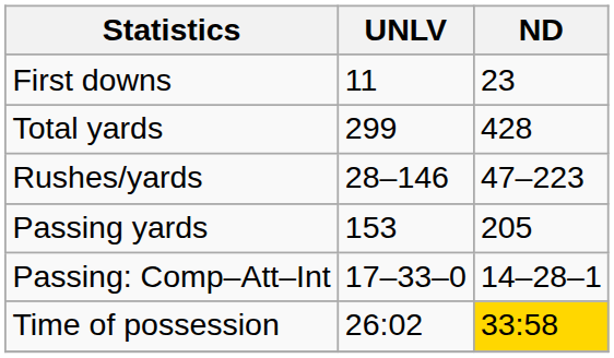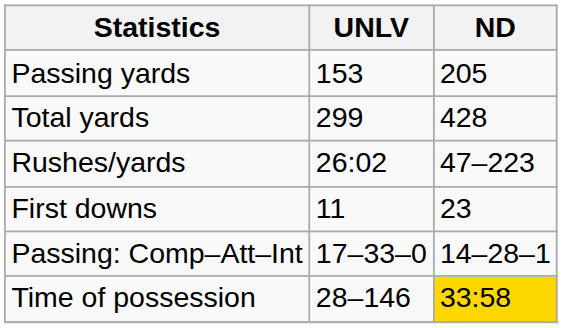 <table class="wikitable" style="float: left;">
 <tr>
 <th>Statistics</th>
 <th>UNLV</th>
 <th>ND</th>
 </tr>
 <tr>
-<td>First downs</td>
-<td>11</td>
-<td>23</td>
+<td>Passing yards</td>
+<td>153</td>
+<td>205</td>
 </tr>
 <tr>
 <td>Total yards</td>
 <td>299</td>
 <td>428</td>
 </tr>
 <tr>
 <td>Rushes/yards</td>
-<td>28–146</td>
+<td>26:02</td>
 <td>47–223</td>
 </tr>
 <tr>
-<td>Passing yards</td>
-<td>153</td>
-<td>205</td>
+<td>First downs</td>
+<td>11</td>
+<td>23</td>
 </tr>
 <tr>
 <td>Passing: Comp–Att–Int</td>
 <td>17–33–0</td>
 <td>14–28–1</td>
 </tr>
 <tr>
 <td>Time of possession</td>
-<td>26:02</td>
+<td>28–146</td>
 <td style="background: gold;">33:58</td>
 </tr>
 <tr>
 </tr>
 </table>
